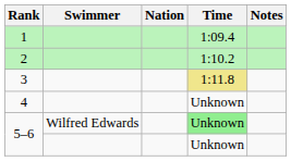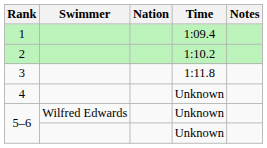 <table class="wikitable sortable" style="text-align:center">
 <tr>
 <th>Rank</th>
 <th>Swimmer</th>
 <th>Nation</th>
 <th>Time</th>
 <th>Notes</th>
 </tr>
 <tr bgcolor=BBF3BB>
 <td>1</td>
 <td align=left></td>
 <td align=left></td>
 <td>1:09.4</td>
 <td></td>
 </tr>
 <tr bgcolor=BBF3BB>
 <td>2</td>
 <td align=left></td>
 <td align=left></td>
 <td>1:10.2</td>
 <td></td>
 </tr>
 <tr>
 <td>3</td>
 <td align=left></td>
 <td align=left></td>
-<td style="background: khaki;">1:11.8</td>
+<td>1:11.8</td>
 <td></td>
 </tr>
 <tr>
 <td>4</td>
 <td align=left></td>
 <td align=left></td>
 <td>Unknown</td>
 <td></td>
 </tr>
 <tr>
 <td rowspan=2>5–6</td>
 <td align=left>Wilfred Edwards</td>
 <td align=left></td>
-<td style="background: lightgreen;">Unknown</td>
+<td>Unknown</td>
 <td></td>
 </tr>
 <tr>
 <td align=left></td>
 <td align=left></td>
 <td>Unknown</td>
 <td></td>
 </tr>
 </table>
